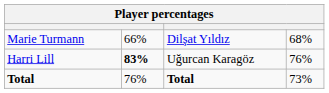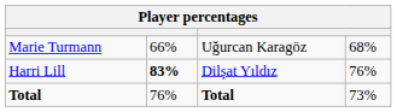 <table class="wikitable">
 <tr>
 <th colspan=4 width=400>Player percentages</th>
 </tr>
 <tr>
 <th colspan=2 width=200 style="white-space:nowrap;"></th>
 <th colspan=2 width=200 style="white-space:nowrap;"></th>
 </tr>
 <tr>
 <td><a href='#'>Marie Turmann</a></td>
 <td>66%</td>
-<td><a href='#'>Dilşat Yıldız</a></td>
+<td>Uğurcan Karagöz</td>
 <td>68%</td>
 </tr>
 <tr>
 <td><a href='#'>Harri Lill</a></td>
 <td><strong>83%</strong></td>
-<td>Uğurcan Karagöz</td>
+<td><a href='#'>Dilşat Yıldız</a></td>
 <td>76%</td>
 </tr>
 <tr>
 <td><strong>Total</strong></td>
 <td>76%</td>
 <td><strong>Total</strong></td>
 <td>73%</td>
 </tr>
 </table>
